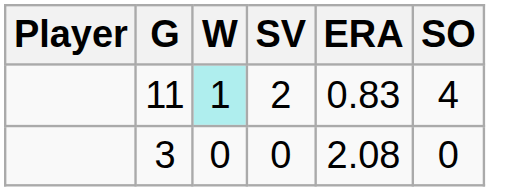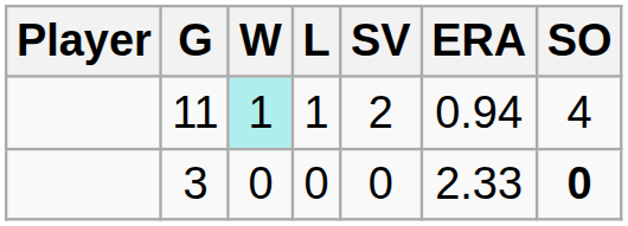 <table class="wikitable sortable" style="text-align:center;">
 <tr>
 <th>Player</th>
 <th>G</th>
 <th>W</th>
+<th>L</th>
 <th>SV</th>
 <th>ERA</th>
 <th>SO</th>
 </tr>
 <tr>
 <td></td>
 <td>11</td>
 <td style="background: paleturquoise;">1</td>
+<td>1</td>
 <td>2</td>
-<td>0.83</td>
+<td>0.94</td>
 <td>4</td>
 </tr>
 <tr>
 <td></td>
 <td>3</td>
 <td>0</td>
 <td>0</td>
-<td>2.08</td>
 <td>0</td>
+<td>2.33</td>
+<td><strong>0</strong></td>
 </tr>
 </table>
